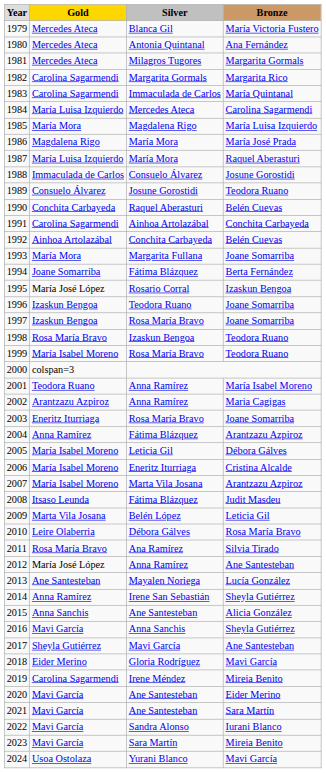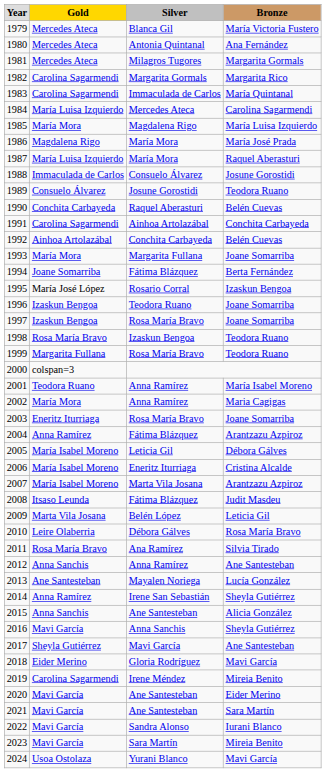 <table class="wikitable" style="text-align:left;">
 <tr>
 <td style="background:#DDDDDD; font-weight:bold; text-align:center;">Year</td>
 <td style="background:gold; font-weight:bold; text-align:center;">Gold</td>
 <td style="background:silver; font-weight:bold; text-align:center;">Silver</td>
 <td style="background:#cc9966; font-weight:bold; text-align:center;">Bronze</td>
 </tr>
 <tr>
 <td>1979</td>
 <td><a href='#'>Mercedes Ateca</a></td>
 <td><a href='#'>Blanca Gil</a></td>
 <td><a href='#'>María Victoria Fustero</a></td>
 </tr>
 <tr>
 <td>1980</td>
 <td><a href='#'>Mercedes Ateca</a></td>
 <td><a href='#'>Antonia Quintanal</a></td>
 <td><a href='#'>Ana Fernández</a></td>
 </tr>
 <tr>
 <td>1981</td>
 <td><a href='#'>Mercedes Ateca</a></td>
 <td><a href='#'>Milagros Tugores</a></td>
 <td><a href='#'>Margarita Gormals</a></td>
 </tr>
 <tr>
 <td>1982</td>
 <td><a href='#'>Carolina Sagarmendi</a></td>
 <td><a href='#'>Margarita Gormals</a></td>
 <td><a href='#'>Margarita Rico</a></td>
 </tr>
 <tr>
 <td>1983</td>
 <td><a href='#'>Carolina Sagarmendi</a></td>
 <td><a href='#'>Immaculada de Carlos</a></td>
 <td><a href='#'>María Quintanal</a></td>
 </tr>
 <tr>
 <td>1984</td>
 <td><a href='#'>María Luisa Izquierdo</a></td>
 <td><a href='#'>Mercedes Ateca</a></td>
 <td><a href='#'>Carolina Sagarmendi</a></td>
 </tr>
 <tr>
 <td>1985</td>
 <td><a href='#'>María Mora</a></td>
 <td><a href='#'>Magdalena Rigo</a></td>
 <td><a href='#'>María Luisa Izquierdo</a></td>
 </tr>
 <tr>
 <td>1986</td>
 <td><a href='#'>Magdalena Rigo</a></td>
 <td><a href='#'>María Mora</a></td>
 <td><a href='#'>María José Prada</a></td>
 </tr>
 <tr>
 <td>1987</td>
 <td><a href='#'>María Luisa Izquierdo</a></td>
 <td><a href='#'>María Mora</a></td>
 <td><a href='#'>Raquel Aberasturi</a></td>
 </tr>
 <tr>
 <td>1988</td>
 <td><a href='#'>Immaculada de Carlos</a></td>
 <td><a href='#'>Consuelo Álvarez</a></td>
 <td><a href='#'>Josune Gorostidi</a></td>
 </tr>
 <tr>
 <td>1989</td>
 <td><a href='#'>Consuelo Álvarez</a></td>
 <td><a href='#'>Josune Gorostidi</a></td>
 <td><a href='#'>Teodora Ruano</a></td>
 </tr>
 <tr>
 <td>1990</td>
 <td><a href='#'>Conchita Carbayeda</a></td>
 <td><a href='#'>Raquel Aberasturi</a></td>
 <td><a href='#'>Belén Cuevas</a></td>
 </tr>
 <tr>
 <td>1991</td>
 <td><a href='#'>Carolina Sagarmendi</a></td>
 <td><a href='#'>Ainhoa Artolazábal</a></td>
 <td><a href='#'>Conchita Carbayeda</a></td>
 </tr>
 <tr>
 <td>1992</td>
 <td><a href='#'>Ainhoa Artolazábal</a></td>
 <td><a href='#'>Conchita Carbayeda</a></td>
 <td><a href='#'>Belén Cuevas</a></td>
 </tr>
 <tr>
 <td>1993</td>
 <td><a href='#'>María Mora</a></td>
 <td><a href='#'>Margarita Fullana</a></td>
 <td><a href='#'>Joane Somarriba</a></td>
 </tr>
 <tr>
 <td>1994</td>
 <td><a href='#'>Joane Somarriba</a></td>
 <td><a href='#'>Fátima Blázquez</a></td>
 <td><a href='#'>Berta Fernández</a></td>
 </tr>
 <tr>
 <td>1995</td>
 <td>María José López</td>
 <td><a href='#'>Rosario Corral</a></td>
 <td><a href='#'>Izaskun Bengoa</a></td>
 </tr>
 <tr>
 <td>1996</td>
 <td><a href='#'>Izaskun Bengoa</a></td>
 <td><a href='#'>Teodora Ruano</a></td>
 <td><a href='#'>Joane Somarriba</a></td>
 </tr>
 <tr>
 <td>1997</td>
 <td><a href='#'>Izaskun Bengoa</a></td>
 <td><a href='#'>Rosa María Bravo</a></td>
 <td><a href='#'>Joane Somarriba</a></td>
 </tr>
 <tr>
 <td>1998</td>
 <td><a href='#'>Rosa María Bravo</a></td>
 <td><a href='#'>Izaskun Bengoa</a></td>
 <td><a href='#'>Teodora Ruano</a></td>
 </tr>
 <tr>
 <td>1999</td>
-<td><a href='#'>María Isabel Moreno</a></td>
+<td><a href='#'>Margarita Fullana</a></td>
 <td><a href='#'>Rosa María Bravo</a></td>
 <td><a href='#'>Teodora Ruano</a></td>
 </tr>
 <tr>
 <td>2000</td>
 <td>colspan=3 </td>
 </tr>
 <tr>
 <td>2001</td>
 <td><a href='#'>Teodora Ruano</a></td>
 <td><a href='#'>Anna Ramírez</a></td>
 <td><a href='#'>María Isabel Moreno</a></td>
 </tr>
 <tr>
 <td>2002</td>
-<td><a href='#'>Arantzazu Azpiroz</a></td>
+<td><a href='#'>María Mora</a></td>
 <td><a href='#'>Anna Ramírez</a></td>
 <td><a href='#'>Maria Cagigas</a></td>
 </tr>
 <tr>
 <td>2003</td>
 <td><a href='#'>Eneritz Iturriaga</a></td>
 <td><a href='#'>Rosa María Bravo</a></td>
 <td><a href='#'>Joane Somarriba</a></td>
 </tr>
 <tr>
 <td>2004</td>
 <td><a href='#'>Anna Ramírez</a></td>
 <td><a href='#'>Fátima Blázquez</a></td>
 <td><a href='#'>Arantzazu Azpiroz</a></td>
 </tr>
 <tr>
 <td>2005</td>
 <td><a href='#'>María Isabel Moreno</a></td>
 <td><a href='#'>Leticia Gil</a></td>
 <td><a href='#'>Débora Gálves</a></td>
 </tr>
 <tr>
 <td>2006</td>
 <td><a href='#'>María Isabel Moreno</a></td>
 <td><a href='#'>Eneritz Iturriaga</a></td>
 <td><a href='#'>Cristina Alcalde</a></td>
 </tr>
 <tr>
 <td>2007</td>
 <td><a href='#'>María Isabel Moreno</a></td>
 <td><a href='#'>Marta Vila Josana</a></td>
 <td><a href='#'>Arantzazu Azpiroz</a></td>
 </tr>
 <tr>
 <td>2008</td>
 <td><a href='#'>Itsaso Leunda</a></td>
 <td><a href='#'>Fátima Blázquez</a></td>
 <td><a href='#'>Judit Masdeu</a></td>
 </tr>
 <tr>
 <td>2009</td>
 <td><a href='#'>Marta Vila Josana</a></td>
 <td><a href='#'>Belén López</a></td>
 <td><a href='#'>Leticia Gil</a></td>
 </tr>
 <tr>
 <td>2010</td>
 <td><a href='#'>Leire Olaberria</a></td>
 <td><a href='#'>Débora Gálves</a></td>
 <td><a href='#'>Rosa María Bravo</a></td>
 </tr>
 <tr>
 <td>2011</td>
 <td><a href='#'>Rosa María Bravo</a></td>
 <td><a href='#'>Ana Ramírez</a></td>
 <td><a href='#'>Silvia Tirado</a></td>
 </tr>
 <tr>
 <td>2012</td>
-<td>María José López</td>
+<td><a href='#'>Anna Sanchis</a></td>
 <td><a href='#'>Anna Ramírez</a></td>
 <td><a href='#'>Ane Santesteban</a></td>
 </tr>
 <tr>
 <td>2013</td>
 <td><a href='#'>Ane Santesteban</a></td>
 <td><a href='#'>Mayalen Noriega</a></td>
 <td><a href='#'>Lucía González</a></td>
 </tr>
 <tr>
 <td>2014</td>
 <td><a href='#'>Anna Ramírez</a></td>
 <td><a href='#'>Irene San Sebastián</a></td>
 <td><a href='#'>Sheyla Gutiérrez</a></td>
 </tr>
 <tr>
 <td>2015</td>
 <td><a href='#'>Anna Sanchis</a></td>
 <td><a href='#'>Ane Santesteban</a></td>
 <td><a href='#'>Alicia González</a></td>
 </tr>
 <tr>
 <td>2016</td>
 <td><a href='#'>Mavi García</a></td>
 <td><a href='#'>Anna Sanchis</a></td>
 <td><a href='#'>Sheyla Gutiérrez</a></td>
 </tr>
 <tr>
 <td>2017</td>
 <td><a href='#'>Sheyla Gutiérrez</a></td>
 <td><a href='#'>Mavi García</a></td>
 <td><a href='#'>Ane Santesteban</a></td>
 </tr>
 <tr>
 <td>2018</td>
 <td><a href='#'>Eider Merino</a></td>
 <td><a href='#'>Gloria Rodríguez</a></td>
 <td><a href='#'>Mavi García</a></td>
 </tr>
 <tr>
 <td>2019</td>
 <td><a href='#'>Carolina Sagarmendi</a></td>
 <td><a href='#'>Irene Méndez</a></td>
 <td><a href='#'>Mireia Benito</a></td>
 </tr>
 <tr>
 <td>2020</td>
 <td><a href='#'>Mavi García</a></td>
 <td><a href='#'>Ane Santesteban</a></td>
 <td><a href='#'>Eider Merino</a></td>
 </tr>
 <tr>
 <td>2021</td>
 <td><a href='#'>Mavi García</a></td>
 <td><a href='#'>Ane Santesteban</a></td>
 <td><a href='#'>Sara Martín</a></td>
 </tr>
 <tr>
 <td>2022</td>
 <td><a href='#'>Mavi García</a></td>
 <td><a href='#'>Sandra Alonso</a></td>
 <td><a href='#'>Iurani Blanco</a></td>
 </tr>
 <tr>
 <td>2023</td>
 <td><a href='#'>Mavi García</a></td>
 <td><a href='#'>Sara Martín</a></td>
 <td><a href='#'>Mireia Benito</a></td>
 </tr>
 <tr>
 <td>2024</td>
 <td><a href='#'>Usoa Ostolaza</a></td>
 <td><a href='#'>Yurani Blanco</a></td>
 <td><a href='#'>Mavi García</a></td>
 </tr>
 </table>
